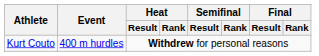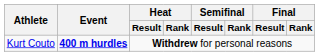 <table class=wikitable style="font-size:90%">
 <tr>
 <th rowspan="2">Athlete</th>
 <th rowspan="2">Event</th>
 <th colspan="2">Heat</th>
 <th colspan="2">Semifinal</th>
 <th colspan="2">Final</th>
 </tr>
 <tr style="font-size:95%">
 <th>Result</th>
 <th>Rank</th>
 <th>Result</th>
 <th>Rank</th>
 <th>Result</th>
 <th>Rank</th>
 </tr>
 <tr align=center>
 <td align=left><a href='#'>Kurt Couto</a></td>
-<td align=left><a href='#'>400 m hurdles</a></td>
+<td align=left><strong><a href='#'>400 m hurdles</a></strong></td>
 <td colspan=6><strong>Withdrew</strong> for personal reasons</td>
 </tr>
 </table>
